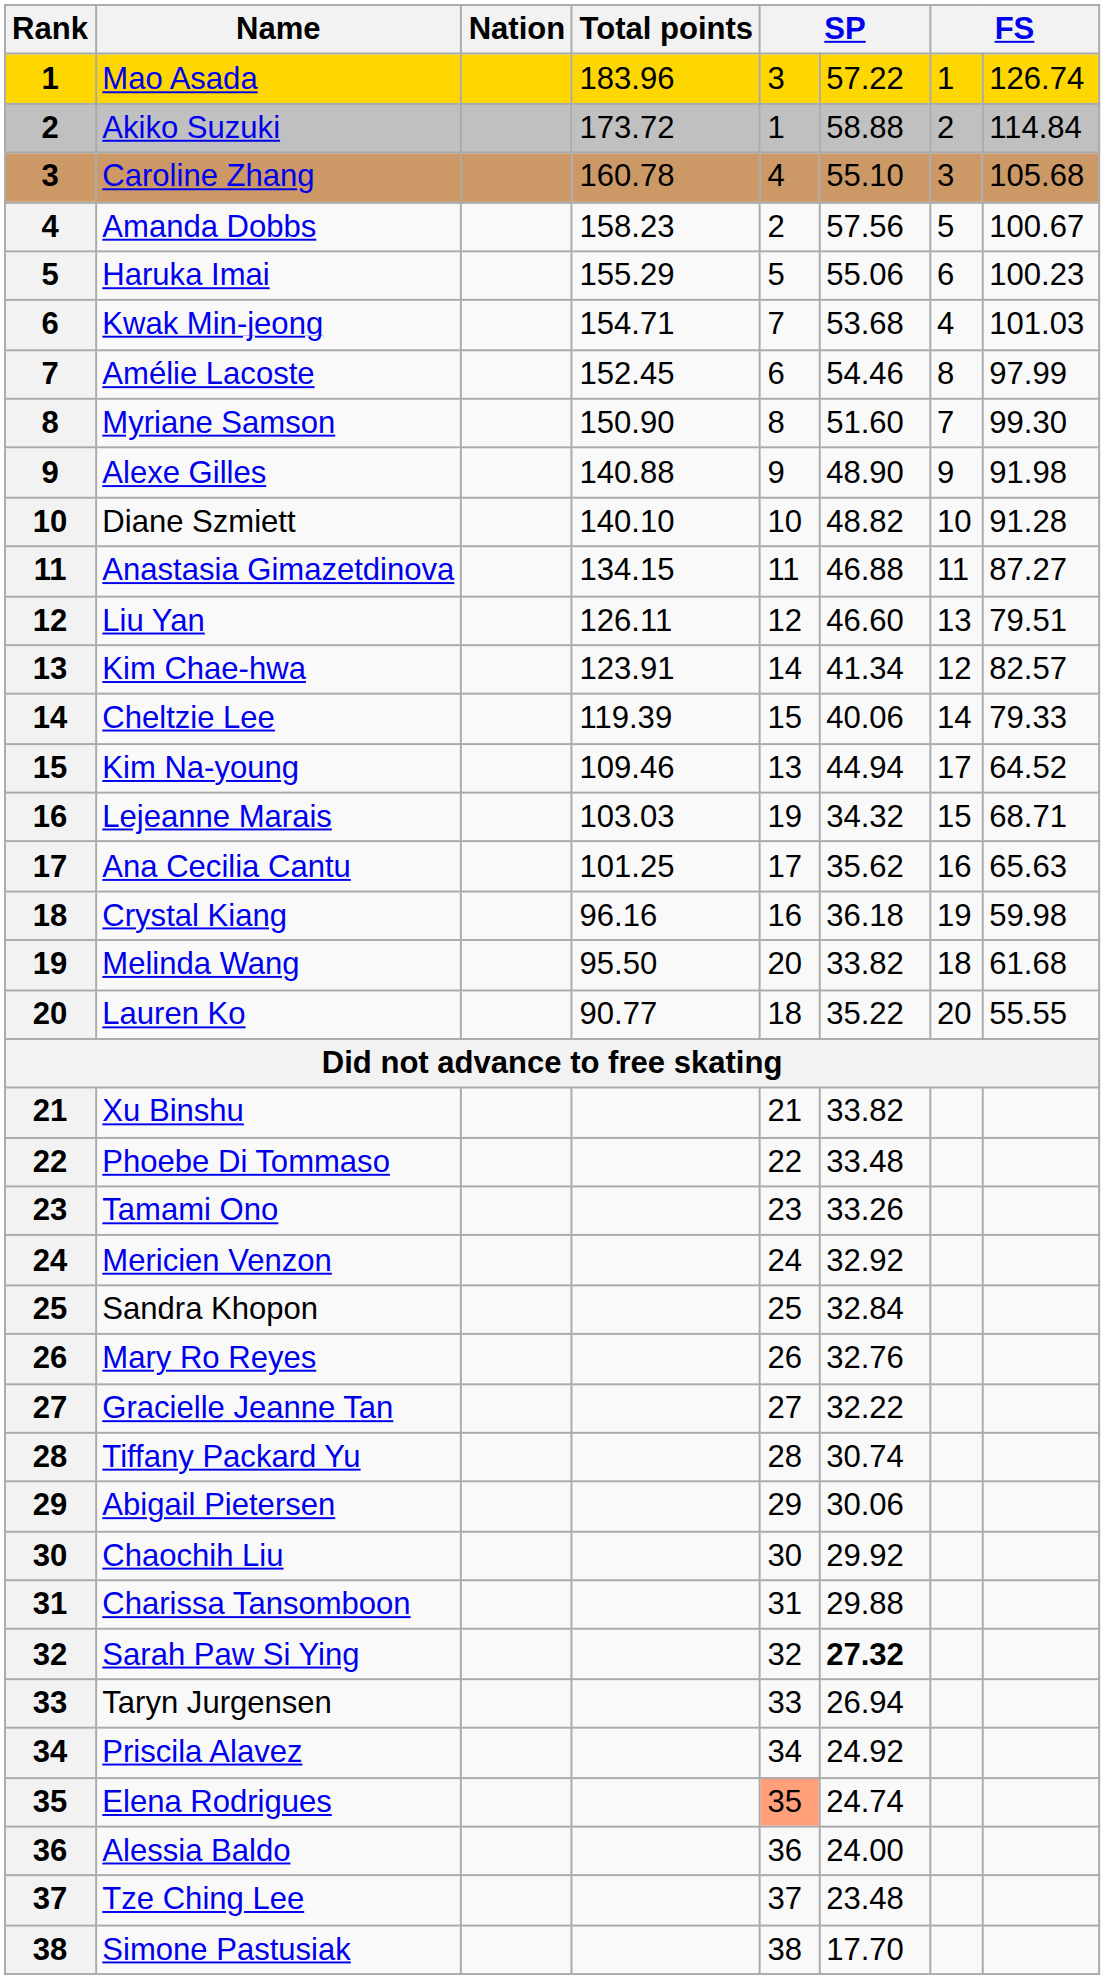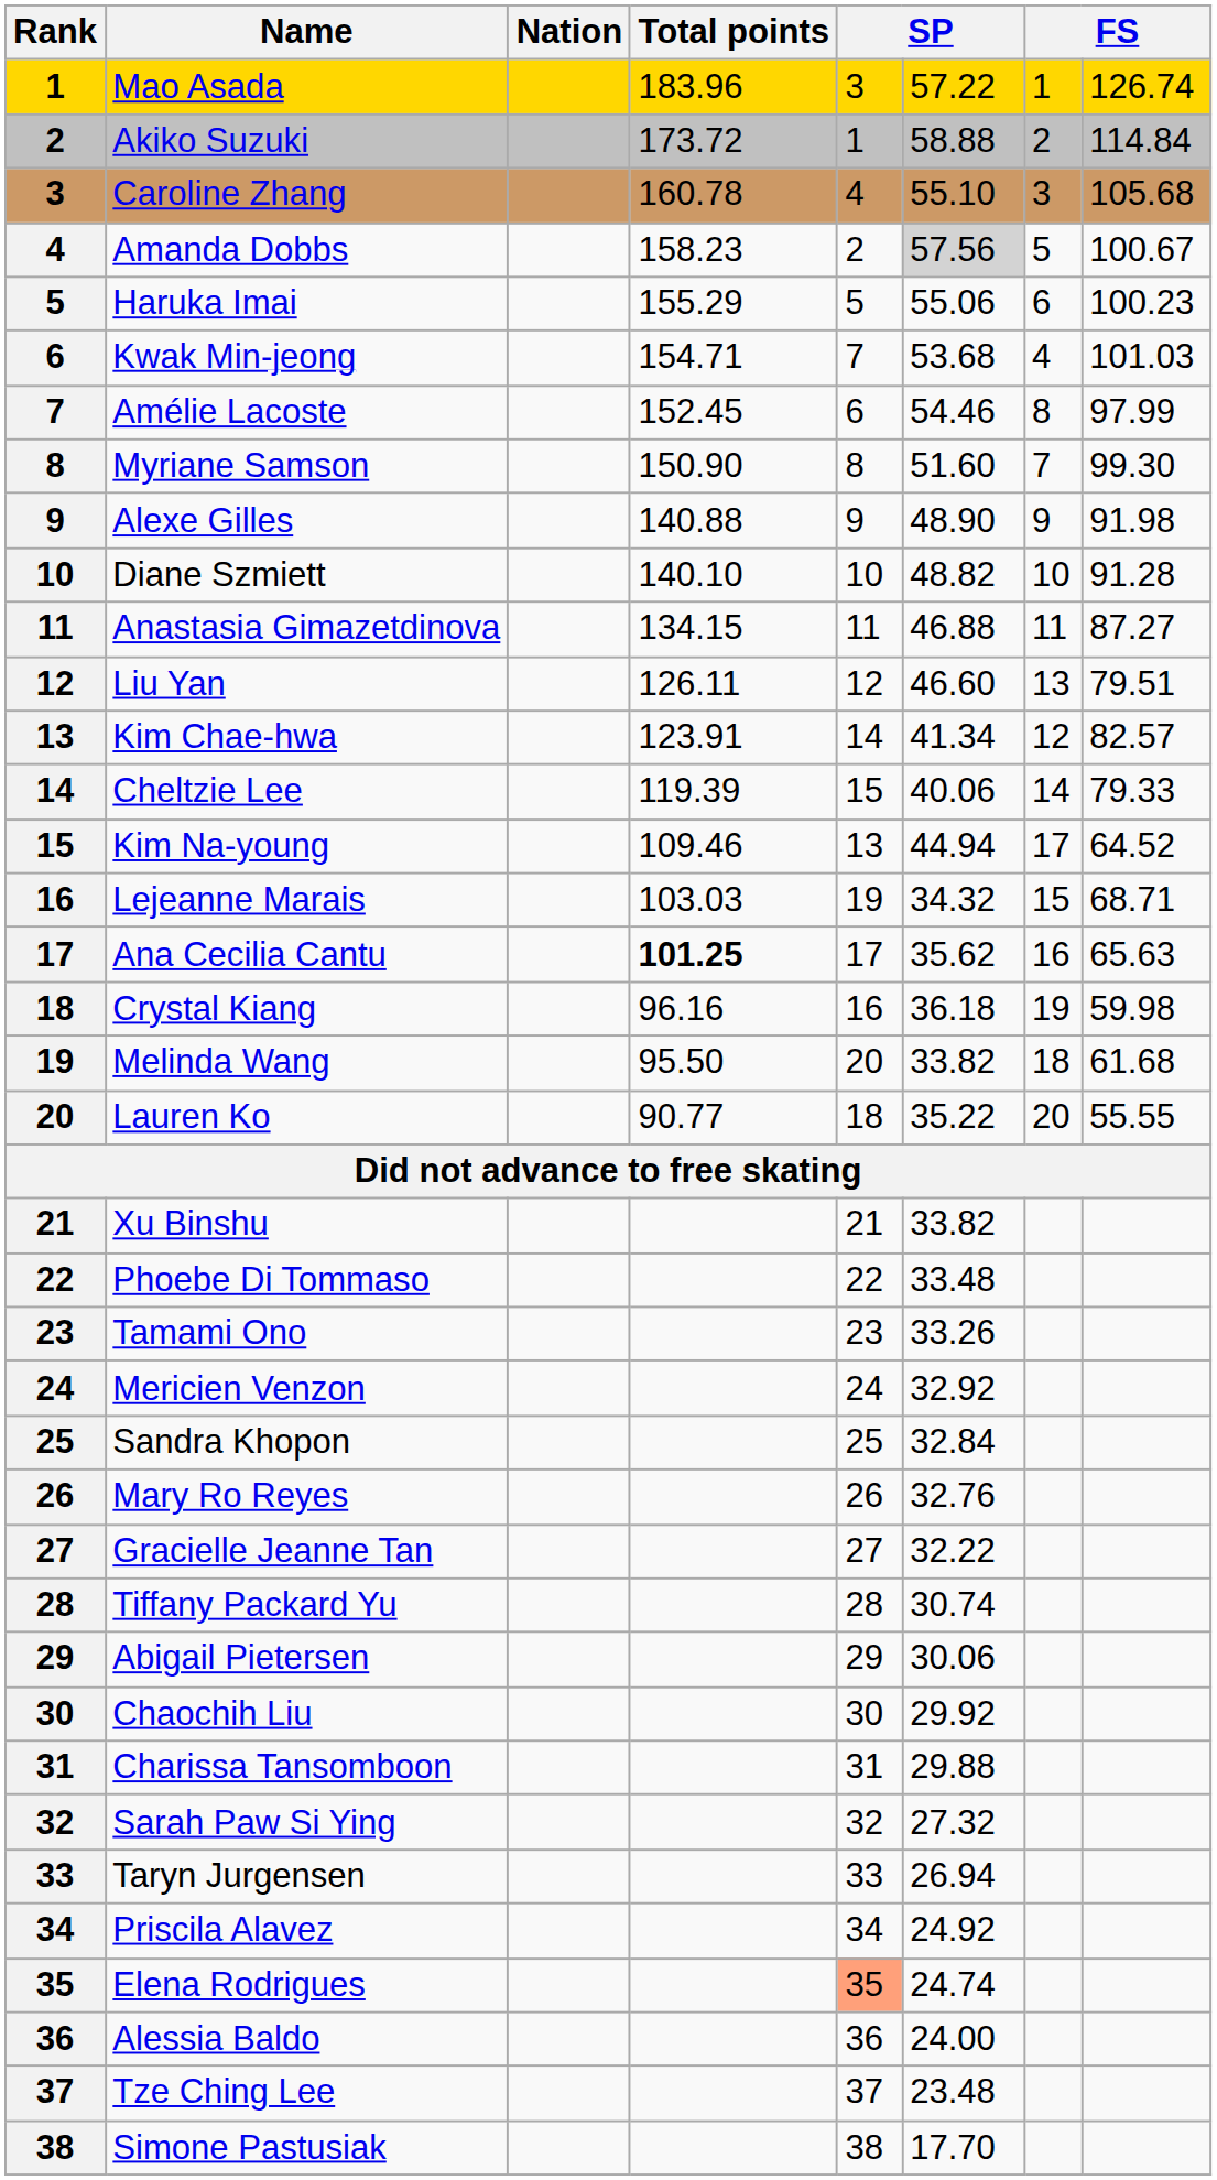 <table class="wikitable sortable">
 <tr>
 <th>Rank</th>
 <th>Name</th>
 <th>Nation</th>
 <th>Total points</th>
 <th colspan="2" width="80px"><a href='#'>SP</a></th>
 <th colspan="2" width="80px"><a href='#'>FS</a></th>
 </tr>
 <tr bgcolor="gold">
 <td align="center"><strong>1</strong></td>
 <td><a href='#'>Mao Asada</a></td>
 <td></td>
 <td>183.96</td>
 <td>3</td>
 <td>57.22</td>
 <td>1</td>
 <td>126.74</td>
 </tr>
 <tr bgcolor="silver">
 <td align="center"><strong>2</strong></td>
 <td><a href='#'>Akiko Suzuki</a></td>
 <td></td>
 <td>173.72</td>
 <td>1</td>
 <td>58.88</td>
 <td>2</td>
 <td>114.84</td>
 </tr>
 <tr bgcolor="cc9966">
 <td align="center"><strong>3</strong></td>
 <td><a href='#'>Caroline Zhang</a></td>
 <td></td>
 <td>160.78</td>
 <td>4</td>
 <td>55.10</td>
 <td>3</td>
 <td>105.68</td>
 </tr>
 <tr>
 <th>4</th>
 <td><a href='#'>Amanda Dobbs</a></td>
 <td></td>
 <td>158.23</td>
 <td>2</td>
-<td>57.56</td>
+<td style="background: lightgrey;">57.56</td>
 <td>5</td>
 <td>100.67</td>
 </tr>
 <tr>
 <th>5</th>
 <td><a href='#'>Haruka Imai</a></td>
 <td></td>
 <td>155.29</td>
 <td>5</td>
 <td>55.06</td>
 <td>6</td>
 <td>100.23</td>
 </tr>
 <tr>
 <th>6</th>
 <td><a href='#'>Kwak Min-jeong</a></td>
 <td></td>
 <td>154.71</td>
 <td>7</td>
 <td>53.68</td>
 <td>4</td>
 <td>101.03</td>
 </tr>
 <tr>
 <th>7</th>
 <td><a href='#'>Amélie Lacoste</a></td>
 <td></td>
 <td>152.45</td>
 <td>6</td>
 <td>54.46</td>
 <td>8</td>
 <td>97.99</td>
 </tr>
 <tr>
 <th>8</th>
 <td><a href='#'>Myriane Samson</a></td>
 <td></td>
 <td>150.90</td>
 <td>8</td>
 <td>51.60</td>
 <td>7</td>
 <td>99.30</td>
 </tr>
 <tr>
 <th>9</th>
 <td><a href='#'>Alexe Gilles</a></td>
 <td></td>
 <td>140.88</td>
 <td>9</td>
 <td>48.90</td>
 <td>9</td>
 <td>91.98</td>
 </tr>
 <tr>
 <th>10</th>
 <td>Diane Szmiett</td>
 <td></td>
 <td>140.10</td>
 <td>10</td>
 <td>48.82</td>
 <td>10</td>
 <td>91.28</td>
 </tr>
 <tr>
 <th>11</th>
 <td><a href='#'>Anastasia Gimazetdinova</a></td>
 <td></td>
 <td>134.15</td>
 <td>11</td>
 <td>46.88</td>
 <td>11</td>
 <td>87.27</td>
 </tr>
 <tr>
 <th>12</th>
 <td><a href='#'>Liu Yan</a></td>
 <td></td>
 <td>126.11</td>
 <td>12</td>
 <td>46.60</td>
 <td>13</td>
 <td>79.51</td>
 </tr>
 <tr>
 <th>13</th>
 <td><a href='#'>Kim Chae-hwa</a></td>
 <td></td>
 <td>123.91</td>
 <td>14</td>
 <td>41.34</td>
 <td>12</td>
 <td>82.57</td>
 </tr>
 <tr>
 <th>14</th>
 <td><a href='#'>Cheltzie Lee</a></td>
 <td></td>
 <td>119.39</td>
 <td>15</td>
 <td>40.06</td>
 <td>14</td>
 <td>79.33</td>
 </tr>
 <tr>
 <th>15</th>
 <td><a href='#'>Kim Na-young</a></td>
 <td></td>
 <td>109.46</td>
 <td>13</td>
 <td>44.94</td>
 <td>17</td>
 <td>64.52</td>
 </tr>
 <tr>
 <th>16</th>
 <td><a href='#'>Lejeanne Marais</a></td>
 <td></td>
 <td>103.03</td>
 <td>19</td>
 <td>34.32</td>
 <td>15</td>
 <td>68.71</td>
 </tr>
 <tr>
 <th>17</th>
 <td><a href='#'>Ana Cecilia Cantu</a></td>
 <td></td>
-<td>101.25</td>
+<td><strong>101.25</strong></td>
 <td>17</td>
 <td>35.62</td>
 <td>16</td>
 <td>65.63</td>
 </tr>
 <tr>
 <th>18</th>
 <td><a href='#'>Crystal Kiang</a></td>
 <td></td>
 <td>96.16</td>
 <td>16</td>
 <td>36.18</td>
 <td>19</td>
 <td>59.98</td>
 </tr>
 <tr>
 <th>19</th>
 <td><a href='#'>Melinda Wang</a></td>
 <td></td>
 <td>95.50</td>
 <td>20</td>
 <td>33.82</td>
 <td>18</td>
 <td>61.68</td>
 </tr>
 <tr>
 <th>20</th>
 <td><a href='#'>Lauren Ko</a></td>
 <td></td>
 <td>90.77</td>
 <td>18</td>
 <td>35.22</td>
 <td>20</td>
 <td>55.55</td>
 </tr>
 <tr>
 <th colspan=8>Did not advance to free skating</th>
 </tr>
 <tr>
 <th>21</th>
 <td><a href='#'>Xu Binshu</a></td>
 <td></td>
 <td></td>
 <td>21</td>
 <td>33.82</td>
 <td></td>
 <td></td>
 </tr>
 <tr>
 <th>22</th>
 <td><a href='#'>Phoebe Di Tommaso</a></td>
 <td></td>
 <td></td>
 <td>22</td>
 <td>33.48</td>
 <td></td>
 <td></td>
 </tr>
 <tr>
 <th>23</th>
 <td><a href='#'>Tamami Ono</a></td>
 <td></td>
 <td></td>
 <td>23</td>
 <td>33.26</td>
 <td></td>
 <td></td>
 </tr>
 <tr>
 <th>24</th>
 <td><a href='#'>Mericien Venzon</a></td>
 <td></td>
 <td></td>
 <td>24</td>
 <td>32.92</td>
 <td></td>
 <td></td>
 </tr>
 <tr>
 <th>25</th>
 <td>Sandra Khopon</td>
 <td></td>
 <td></td>
 <td>25</td>
 <td>32.84</td>
 <td></td>
 <td></td>
 </tr>
 <tr>
 <th>26</th>
 <td><a href='#'>Mary Ro Reyes</a></td>
 <td></td>
 <td></td>
 <td>26</td>
 <td>32.76</td>
 <td></td>
 <td></td>
 </tr>
 <tr>
 <th>27</th>
 <td><a href='#'>Gracielle Jeanne Tan</a></td>
 <td></td>
 <td></td>
 <td>27</td>
 <td>32.22</td>
 <td></td>
 <td></td>
 </tr>
 <tr>
 <th>28</th>
 <td><a href='#'>Tiffany Packard Yu</a></td>
 <td></td>
 <td></td>
 <td>28</td>
 <td>30.74</td>
 <td></td>
 <td></td>
 </tr>
 <tr>
 <th>29</th>
 <td><a href='#'>Abigail Pietersen</a></td>
 <td></td>
 <td></td>
 <td>29</td>
 <td>30.06</td>
 <td></td>
 <td></td>
 </tr>
 <tr>
 <th>30</th>
 <td><a href='#'>Chaochih Liu</a></td>
 <td></td>
 <td></td>
 <td>30</td>
 <td>29.92</td>
 <td></td>
 <td></td>
 </tr>
 <tr>
 <th>31</th>
 <td><a href='#'>Charissa Tansomboon</a></td>
 <td></td>
 <td></td>
 <td>31</td>
 <td>29.88</td>
 <td></td>
 <td></td>
 </tr>
 <tr>
 <th>32</th>
 <td><a href='#'>Sarah Paw Si Ying</a></td>
 <td></td>
 <td></td>
 <td>32</td>
-<td><strong>27.32</strong></td>
+<td>27.32</td>
 <td></td>
 <td></td>
 </tr>
 <tr>
 <th>33</th>
 <td>Taryn Jurgensen</td>
 <td></td>
 <td></td>
 <td>33</td>
 <td>26.94</td>
 <td></td>
 <td></td>
 </tr>
 <tr>
 <th>34</th>
 <td><a href='#'>Priscila Alavez</a></td>
 <td></td>
 <td></td>
 <td>34</td>
 <td>24.92</td>
 <td></td>
 <td></td>
 </tr>
 <tr>
 <th>35</th>
 <td><a href='#'>Elena Rodrigues</a></td>
 <td></td>
 <td></td>
 <td style="background: lightsalmon;">35</td>
 <td>24.74</td>
 <td></td>
 <td></td>
 </tr>
 <tr>
 <th>36</th>
 <td><a href='#'>Alessia Baldo</a></td>
 <td></td>
 <td></td>
 <td>36</td>
 <td>24.00</td>
 <td></td>
 <td></td>
 </tr>
 <tr>
 <th>37</th>
 <td><a href='#'>Tze Ching Lee</a></td>
 <td></td>
 <td></td>
 <td>37</td>
 <td>23.48</td>
 <td></td>
 <td></td>
 </tr>
 <tr>
 <th>38</th>
 <td><a href='#'>Simone Pastusiak</a></td>
 <td></td>
 <td></td>
 <td>38</td>
 <td>17.70</td>
 <td></td>
 <td></td>
 </tr>
 </table>
